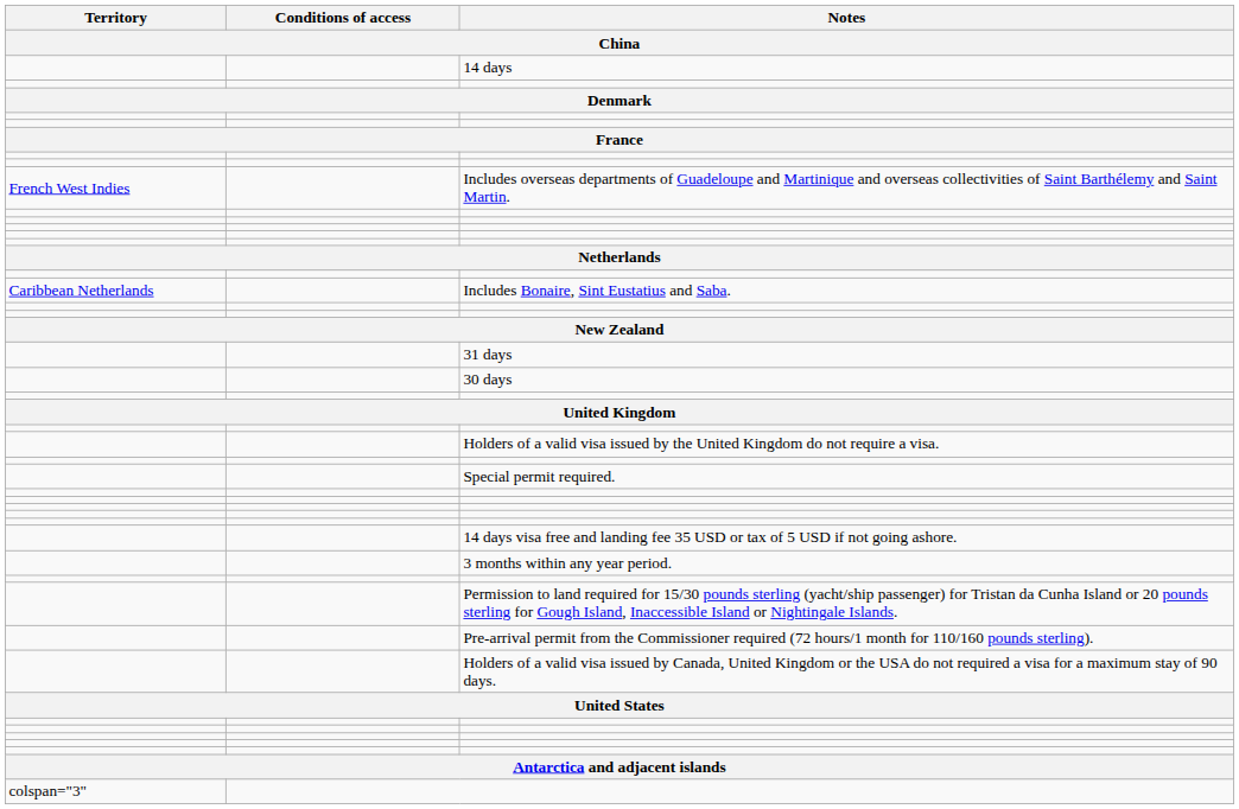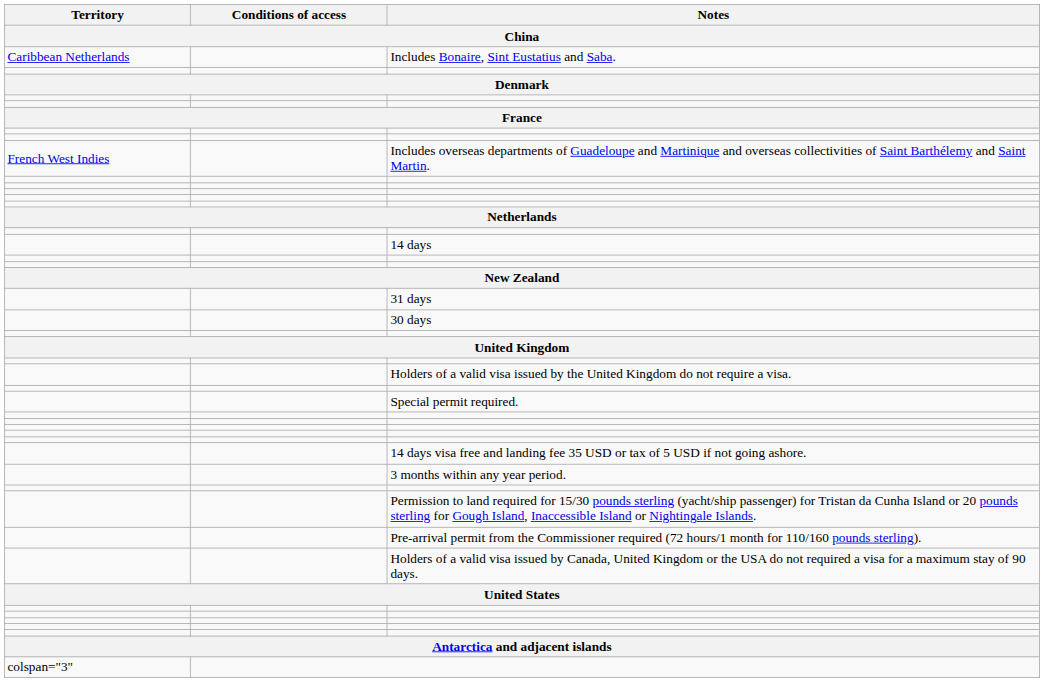 <table class="wikitable" style="text-align: left; table-layout: fixed;">
 <tr>
 <th style="width:18%;">Territory</th>
 <th style="width:19%;">Conditions of access</th>
 <th>Notes</th>
 </tr>
 <tr>
 <th colspan="3">China</th>
 </tr>
 <tr>
+<td> <a href='#'>Caribbean Netherlands</a></td>
 <td></td>
-<td></td>
-<td>14 days</td>
+<td>Includes <a href='#'>Bonaire</a>, <a href='#'>Sint Eustatius</a> and <a href='#'>Saba</a>.</td>
 </tr>
 <tr>
 <td></td>
 <td></td>
 <td></td>
 </tr>
 <tr>
 <th colspan="3">Denmark</th>
 </tr>
 <tr>
 <td></td>
 <td></td>
 <td></td>
 </tr>
 <tr>
 <td></td>
 <td></td>
 <td></td>
 </tr>
 <tr>
 <th colspan="3">France</th>
 </tr>
 <tr>
 <td></td>
 <td></td>
 <td></td>
 </tr>
 <tr>
 <td></td>
 <td></td>
 <td></td>
 </tr>
 <tr>
 <td> <a href='#'>French West Indies</a></td>
 <td></td>
 <td>Includes overseas departments of <a href='#'>Guadeloupe</a> and <a href='#'>Martinique</a> and overseas collectivities of <a href='#'>Saint Barthélemy</a> and <a href='#'>Saint Martin</a>.</td>
 </tr>
 <tr>
 <td></td>
 <td></td>
 <td></td>
 </tr>
 <tr>
 <td></td>
 <td></td>
 <td></td>
 </tr>
 <tr>
 <td></td>
 <td></td>
 <td></td>
 </tr>
 <tr>
 <td></td>
 <td></td>
 <td></td>
 </tr>
 <tr>
 <td></td>
 <td></td>
 <td></td>
 </tr>
 <tr>
 <th colspan="3">Netherlands</th>
 </tr>
 <tr>
 <td></td>
 <td></td>
 <td></td>
 </tr>
 <tr>
-<td> <a href='#'>Caribbean Netherlands</a></td>
 <td></td>
-<td>Includes <a href='#'>Bonaire</a>, <a href='#'>Sint Eustatius</a> and <a href='#'>Saba</a>.</td>
+<td></td>
+<td>14 days</td>
 </tr>
 <tr>
 <td></td>
 <td></td>
 <td></td>
 </tr>
 <tr>
 <td></td>
 <td></td>
 <td></td>
 </tr>
 <tr>
 <th colspan="3">New Zealand</th>
 </tr>
 <tr>
 <td></td>
 <td></td>
 <td>31 days</td>
 </tr>
 <tr>
 <td></td>
 <td></td>
 <td>30 days</td>
 </tr>
 <tr>
 <td></td>
 <td></td>
 <td></td>
 </tr>
 <tr>
 <th colspan="3">United Kingdom</th>
 </tr>
 <tr>
 <td></td>
 <td></td>
 <td></td>
 </tr>
 <tr>
 <td></td>
 <td></td>
 <td>Holders of a valid visa issued by the United Kingdom do not require a visa.</td>
 </tr>
 <tr>
 <td></td>
 <td></td>
 <td></td>
 </tr>
 <tr>
 <td></td>
 <td></td>
 <td>Special permit required.</td>
 </tr>
 <tr>
 <td></td>
 <td></td>
 <td></td>
 </tr>
 <tr>
 <td></td>
 <td></td>
 <td></td>
 </tr>
 <tr>
 <td></td>
 <td></td>
 <td></td>
 </tr>
 <tr>
 <td></td>
 <td></td>
 <td></td>
 </tr>
 <tr>
 <td></td>
 <td></td>
 <td></td>
 </tr>
 <tr>
 <td></td>
 <td></td>
 <td>14 days visa free and landing fee 35 USD or tax of 5 USD  if not going ashore.</td>
 </tr>
 <tr>
 <td></td>
 <td></td>
 <td>3 months within any year period.</td>
 </tr>
 <tr>
 <td></td>
 <td></td>
 <td></td>
 </tr>
 <tr>
 <td></td>
 <td></td>
 <td>Permission to land required for 15/30 <a href='#'>pounds sterling</a> (yacht/ship passenger) for Tristan da Cunha Island or 20 <a href='#'>pounds sterling</a> for <a href='#'>Gough Island</a>, <a href='#'>Inaccessible Island</a> or <a href='#'>Nightingale Islands</a>.</td>
 </tr>
 <tr>
 <td></td>
 <td></td>
 <td>Pre-arrival permit from the Commissioner required (72 hours/1 month for 110/160 <a href='#'>pounds sterling</a>).</td>
 </tr>
 <tr>
 <td></td>
 <td></td>
 <td>Holders of a valid visa issued by Canada, United Kingdom or the USA do not required a visa for a maximum stay of 90 days.</td>
 </tr>
 <tr>
 <th colspan="3">United States</th>
 </tr>
 <tr>
 <td></td>
 <td></td>
 <td></td>
 </tr>
 <tr>
 <td></td>
 <td></td>
 <td></td>
 </tr>
 <tr>
 <td></td>
 <td></td>
 <td></td>
 </tr>
 <tr>
 <td></td>
 <td></td>
 <td></td>
 </tr>
 <tr>
 <td></td>
 <td></td>
 <td></td>
 </tr>
 <tr>
 <th colspan="3"><a href='#'>Antarctica</a> and adjacent islands</th>
 </tr>
 <tr>
 <td>colspan="3" </td>
 </tr>
 </table>
